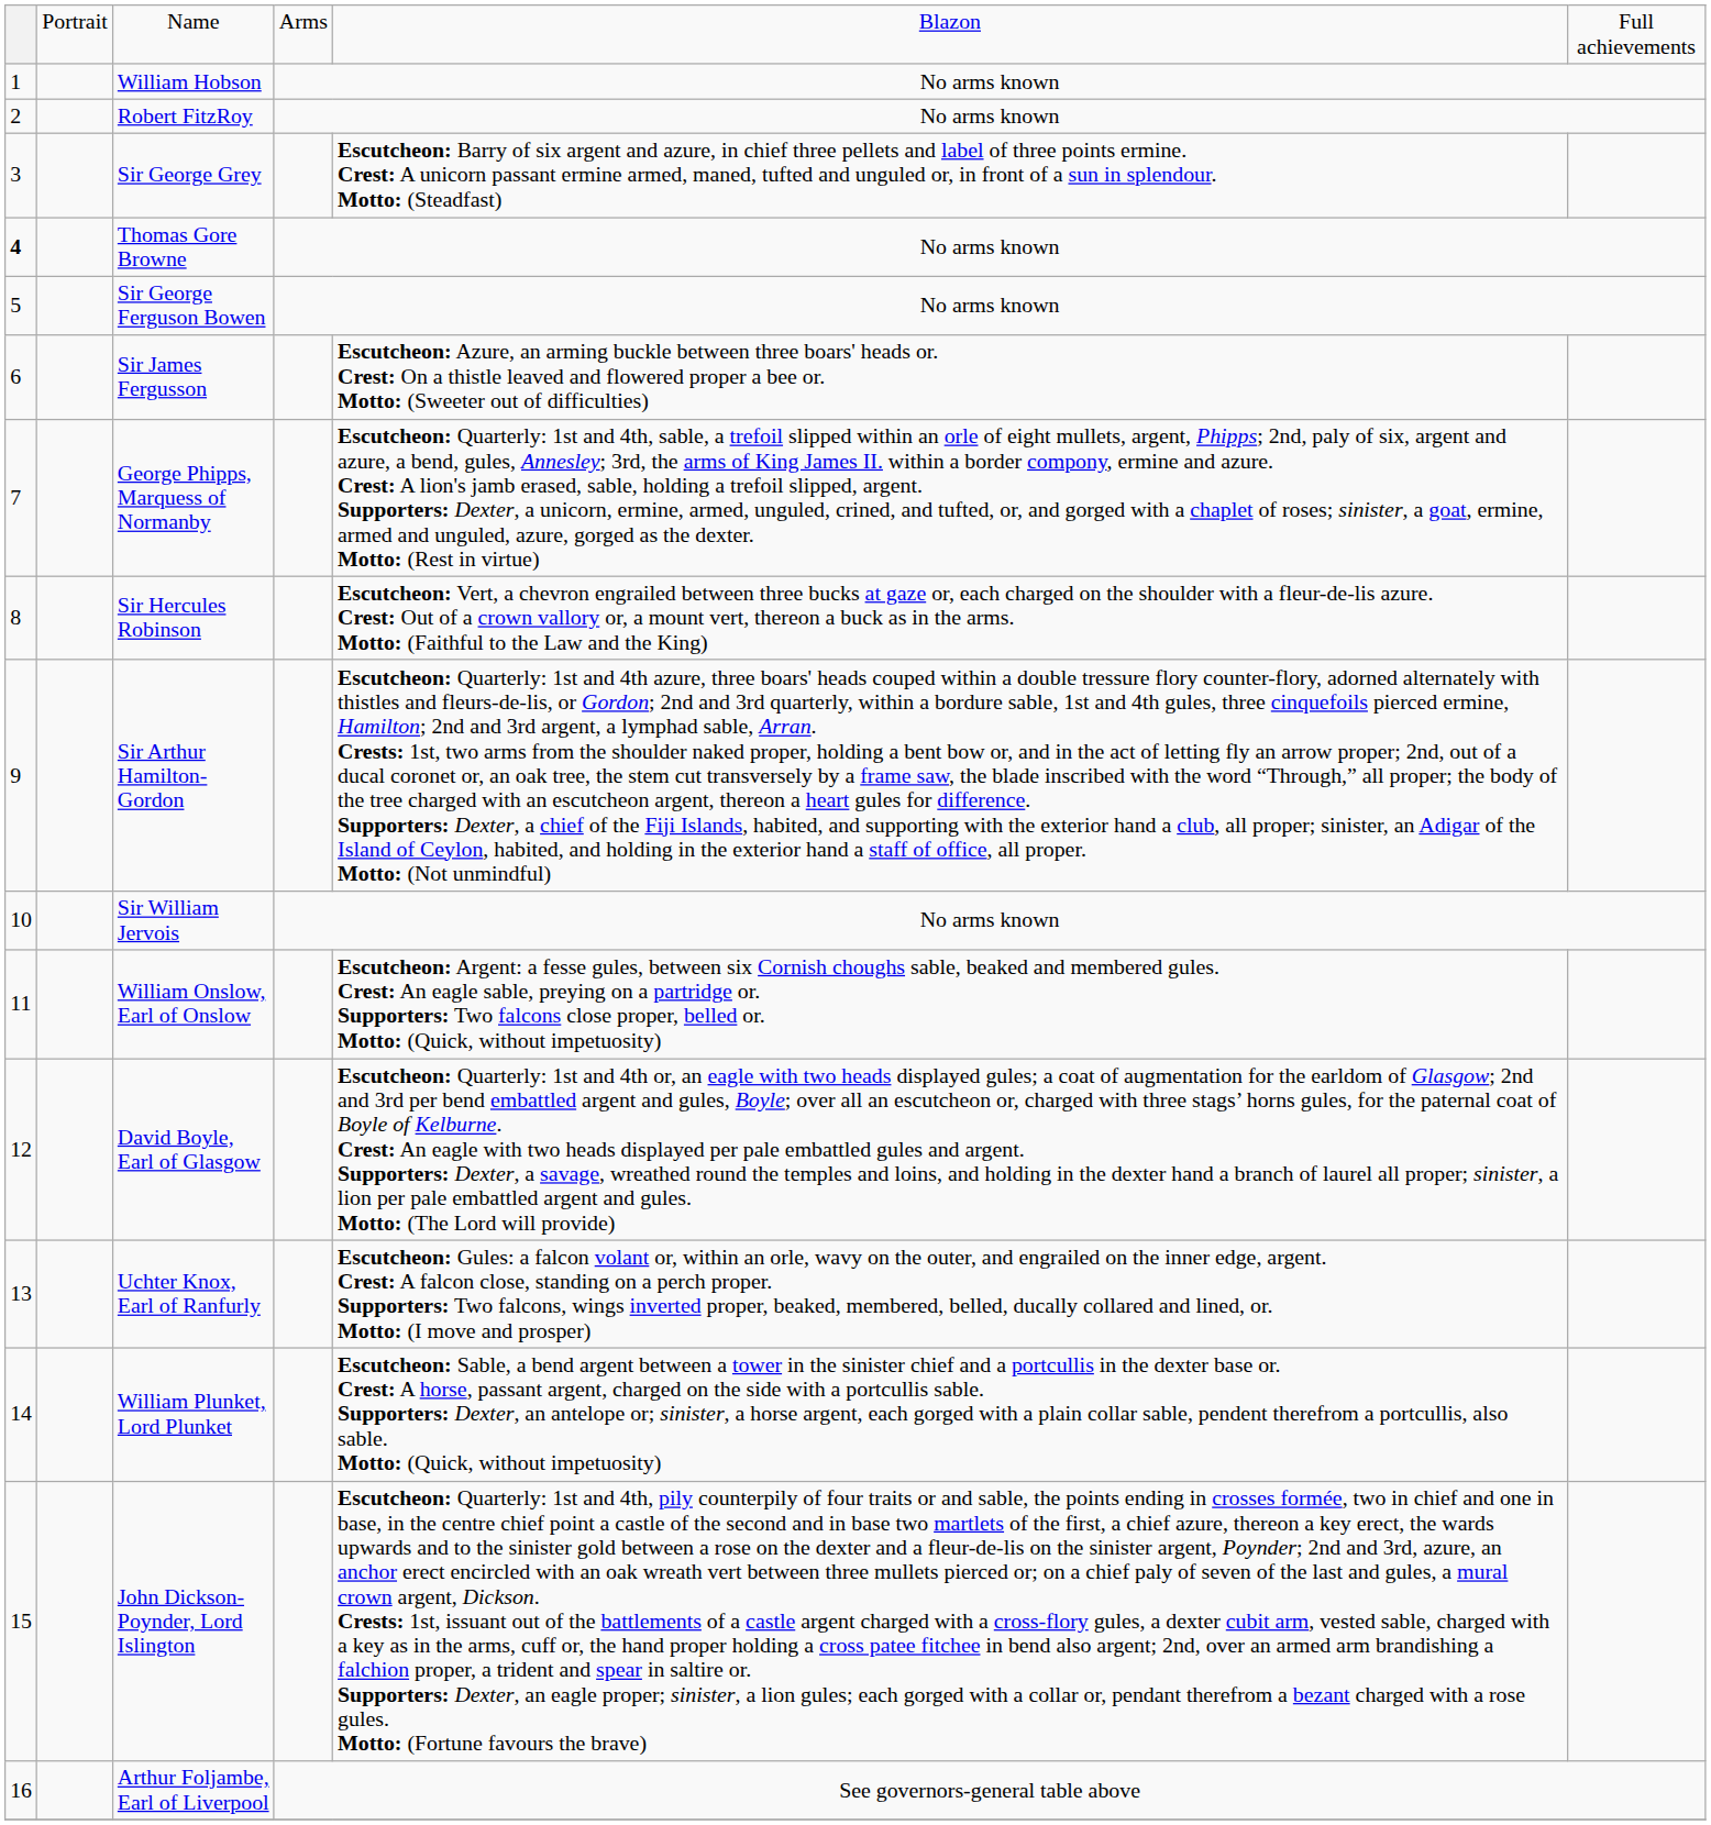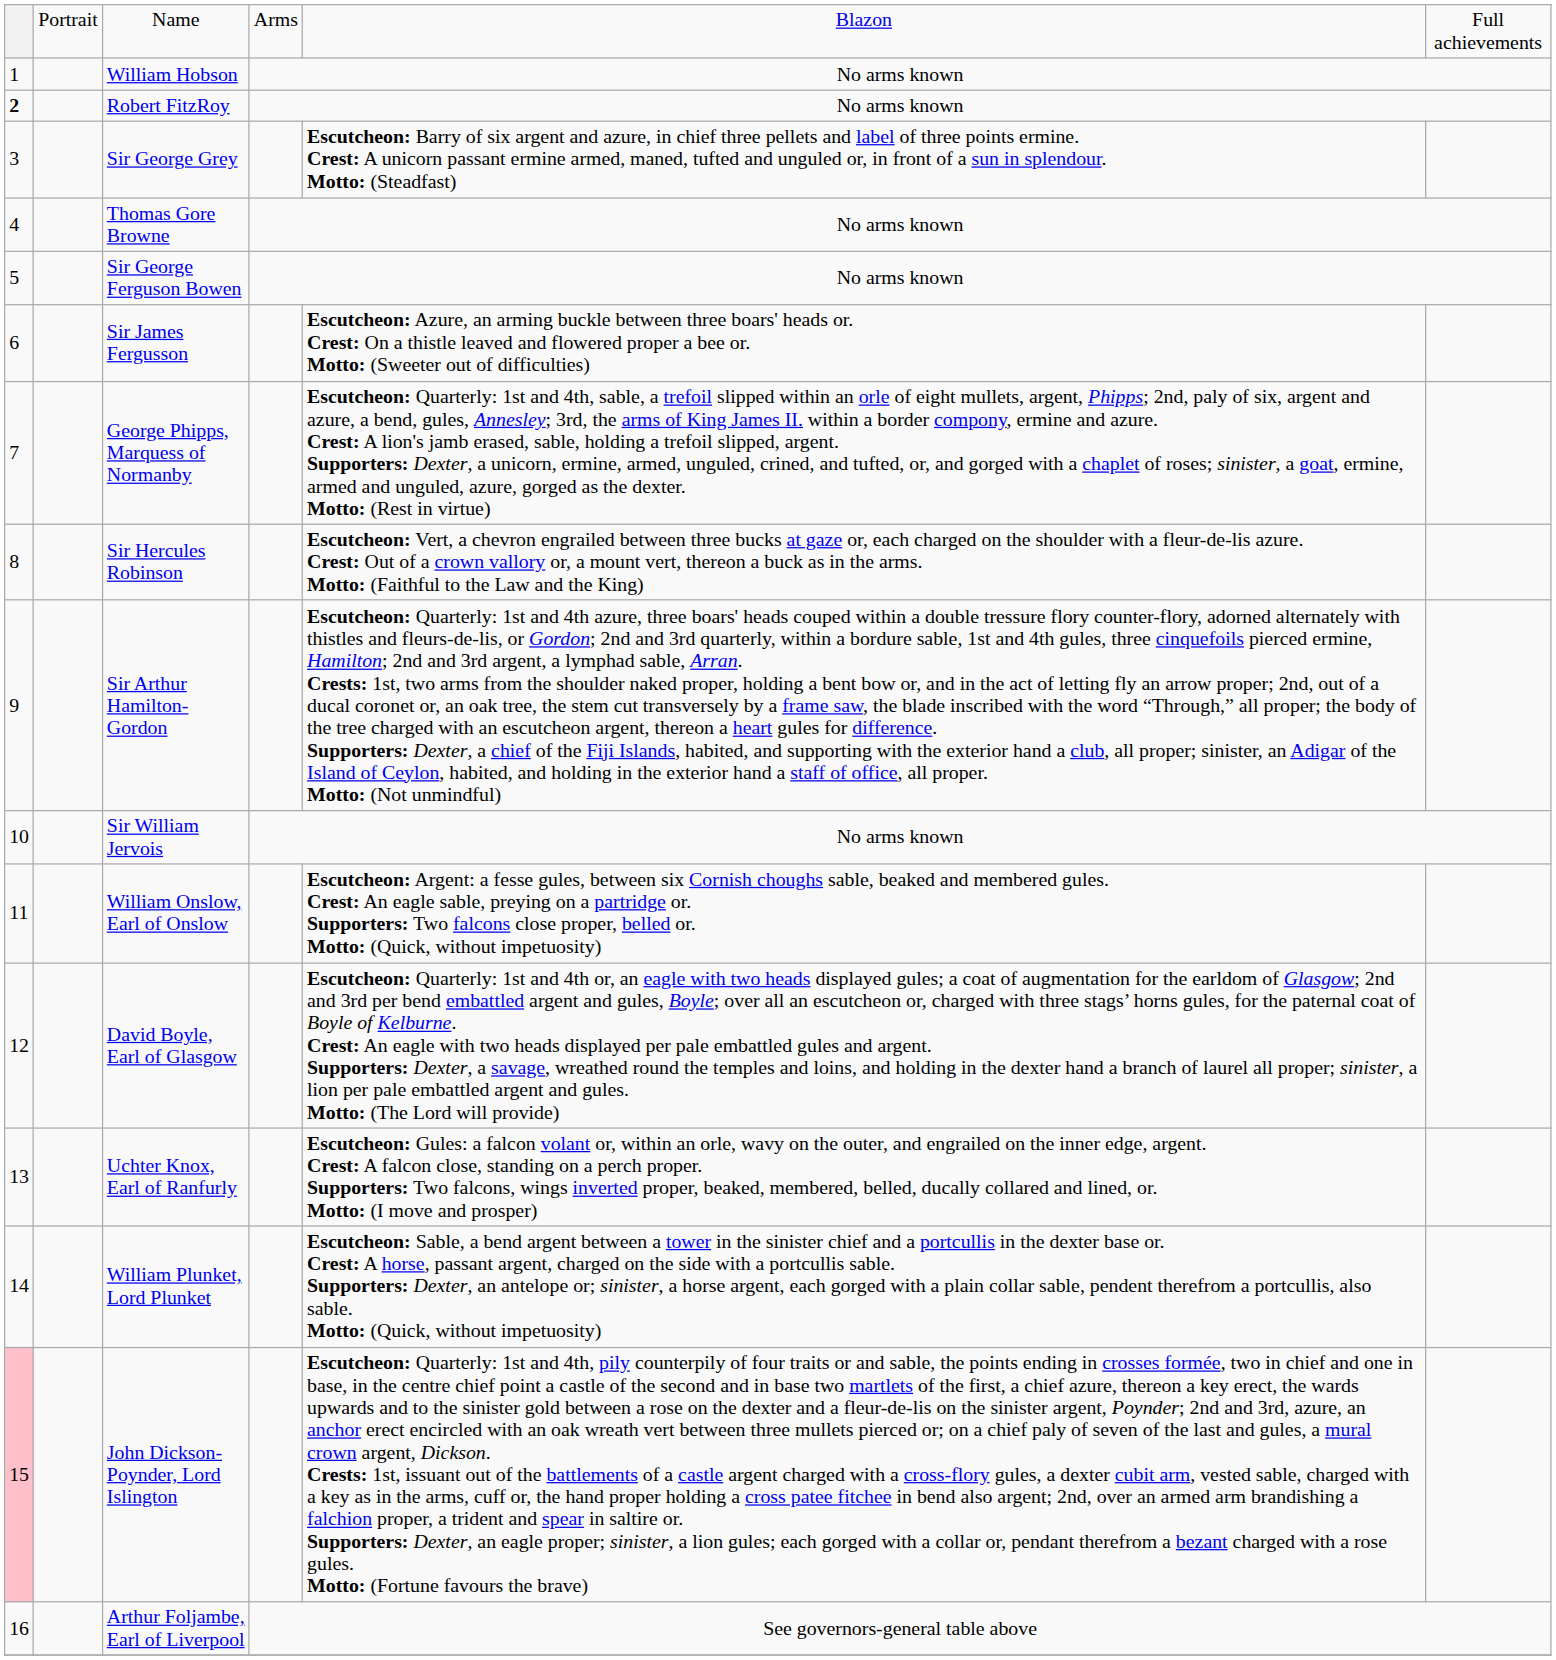 <table class="wikitable">
 <tr style="vertical-align:top; text-align:center;">
 <th></th>
 <td>Portrait</td>
 <td>Name</td>
 <td>Arms</td>
 <td><a href='#'>Blazon</a></td>
 <td>Full achievements</td>
 </tr>
 <tr>
 <td>1</td>
 <td></td>
 <td><a href='#'>William Hobson</a></td>
 <td colspan=3 align=center>No arms known</td>
 </tr>
 <tr>
-<td>2</td>
+<td><strong>2</strong></td>
 <td></td>
 <td><a href='#'>Robert FitzRoy</a></td>
 <td colspan=3 align=center>No arms known</td>
 </tr>
 <tr>
 <td>3</td>
 <td></td>
 <td><a href='#'>Sir George Grey</a></td>
 <td></td>
 <td><strong>Escutcheon:</strong> Barry of six argent and azure, in chief three pellets and <a href='#'>label</a> of three points ermine.<br><strong>Crest:</strong> A unicorn passant ermine armed, maned, tufted and unguled or, in front of a <a href='#'>sun in splendour</a>.<br><strong>Motto:</strong>  (Steadfast)</td>
 <td></td>
 </tr>
 <tr>
-<td><strong>4</strong></td>
+<td>4</td>
 <td></td>
 <td><a href='#'>Thomas Gore Browne</a></td>
 <td colspan=3 align=center>No arms known</td>
 </tr>
 <tr>
 <td>5</td>
 <td></td>
 <td><a href='#'>Sir George Ferguson Bowen</a></td>
 <td colspan=3 align=center>No arms known</td>
 </tr>
 <tr>
 <td>6</td>
 <td></td>
 <td><a href='#'>Sir James Fergusson</a></td>
 <td></td>
 <td><strong>Escutcheon:</strong> Azure, an arming buckle between three boars' heads or.<br><strong>Crest:</strong> On a thistle leaved and flowered proper a bee or.<br><strong>Motto:</strong>  (Sweeter out of difficulties)</td>
 <td></td>
 </tr>
 <tr>
 <td>7</td>
 <td></td>
 <td><a href='#'>George Phipps, Marquess of Normanby</a></td>
 <td></td>
 <td><strong>Escutcheon:</strong> Quarterly: 1st and 4th, sable, a <a href='#'>trefoil</a> slipped within an <a href='#'>orle</a> of eight mullets, argent, <em><a href='#'>Phipps</a></em>; 2nd, paly of six, argent and azure, a bend, gules, <em><a href='#'>Annesley</a></em>; 3rd, the <a href='#'>arms of King James II.</a> within a border <a href='#'>compony</a>, ermine and azure.<br><strong>Crest:</strong> A lion's jamb erased, sable, holding a trefoil slipped, argent.<br><strong>Supporters:</strong> <em>Dexter</em>, a unicorn, ermine, armed, unguled, crined, and tufted, or, and gorged with a <a href='#'>chaplet</a> of roses; <em>sinister</em>, a <a href='#'>goat</a>, ermine, armed and unguled, azure, gorged as the dexter.<br><strong>Motto:</strong>  (Rest in virtue)</td>
 <td></td>
 </tr>
 <tr>
 <td>8</td>
 <td></td>
 <td><a href='#'>Sir Hercules Robinson</a></td>
 <td></td>
 <td><strong>Escutcheon:</strong> Vert, a chevron engrailed between three bucks <a href='#'>at gaze</a> or, each charged on the shoulder with a fleur-de-lis azure.<br><strong>Crest:</strong> Out of a <a href='#'>crown vallory</a> or, a mount vert, thereon a buck as in the arms.<br><strong>Motto:</strong>  (Faithful to the Law and the King)</td>
 <td></td>
 </tr>
 <tr>
 <td>9</td>
 <td></td>
 <td><a href='#'>Sir Arthur Hamilton-Gordon</a></td>
 <td></td>
 <td><strong>Escutcheon:</strong> Quarterly: 1st and 4th azure, three boars' heads couped within a double tressure flory counter-flory, adorned alternately with thistles and fleurs-de-lis, or <em><a href='#'>Gordon</a></em>; 2nd and 3rd quarterly, within a bordure sable, 1st and 4th gules, three <a href='#'>cinquefoils</a> pierced ermine, <em><a href='#'>Hamilton</a></em>; 2nd and 3rd argent, a lymphad sable, <em><a href='#'>Arran</a></em>.<br><strong>Crests:</strong> 1st, two arms from the shoulder naked proper, holding a bent bow or, and in the act of letting fly an arrow proper; 2nd, out of a ducal coronet or, an oak tree, the stem cut transversely by a <a href='#'>frame saw</a>, the blade inscribed  with the word “Through,” all proper; the body of the tree charged with an escutcheon argent, thereon a <a href='#'>heart</a> gules for <a href='#'>difference</a>.<br><strong>Supporters:</strong> <em>Dexter</em>, a <a href='#'>chief</a> of the <a href='#'>Fiji Islands</a>, habited, and supporting with the exterior hand a <a href='#'>club</a>, all proper; sinister, an <a href='#'>Adigar</a> of the <a href='#'>Island of Ceylon</a>, habited, and holding in the exterior hand a <a href='#'>staff of office</a>, all proper.<br><strong>Motto:</strong>  (Not unmindful)</td>
 <td></td>
 </tr>
 <tr>
 <td>10</td>
 <td></td>
 <td><a href='#'>Sir William Jervois</a></td>
 <td colspan=3 align=center>No arms known</td>
 </tr>
 <tr>
 <td>11</td>
 <td></td>
 <td><a href='#'>William Onslow, Earl of Onslow</a></td>
 <td></td>
 <td><strong>Escutcheon:</strong> Argent: a fesse gules, between six <a href='#'>Cornish choughs</a> sable, beaked and membered gules.<br><strong>Crest:</strong> An eagle sable, preying on a <a href='#'>partridge</a> or.<br><strong>Supporters:</strong> Two <a href='#'>falcons</a> close proper, <a href='#'>belled</a> or.<br><strong>Motto:</strong>  (Quick, without impetuosity)</td>
 <td></td>
 </tr>
 <tr>
 <td>12</td>
 <td></td>
 <td><a href='#'>David Boyle, Earl of Glasgow</a></td>
 <td></td>
 <td><strong>Escutcheon:</strong> Quarterly: 1st and 4th or, an <a href='#'>eagle with two heads</a> displayed gules; a coat of augmentation for the earldom of <em><a href='#'>Glasgow</a></em>; 2nd and 3rd per bend <a href='#'>embattled</a> argent and gules, <em><a href='#'>Boyle</a></em>; over all an escutcheon or, charged with three stags’ horns gules, for the paternal coat of <em>Boyle of <a href='#'>Kelburne</a></em>.<br><strong>Crest:</strong> An eagle with two heads displayed per pale embattled gules and argent.<br><strong>Supporters:</strong> <em>Dexter</em>, a <a href='#'>savage</a>, wreathed round the temples and loins, and holding in the dexter hand a branch of laurel all proper; <em>sinister</em>, a lion per pale embattled argent and gules.<br><strong>Motto:</strong>  (The Lord will provide)</td>
 <td></td>
 </tr>
 <tr>
 <td>13</td>
 <td></td>
 <td><a href='#'>Uchter Knox, Earl of Ranfurly</a></td>
 <td></td>
 <td><strong>Escutcheon:</strong> Gules: a falcon <a href='#'>volant</a> or, within an orle, wavy on the outer, and engrailed on the inner edge, argent.<br><strong>Crest:</strong> A falcon close, standing on a perch proper.<br><strong>Supporters:</strong> Two falcons, wings <a href='#'>inverted</a> proper, beaked, membered, belled, ducally collared and lined, or.<br><strong>Motto:</strong>  (I move and prosper)</td>
 <td></td>
 </tr>
 <tr>
 <td>14</td>
 <td></td>
 <td><a href='#'>William Plunket, Lord Plunket</a></td>
 <td></td>
 <td><strong>Escutcheon:</strong> Sable, a bend argent between a <a href='#'>tower</a> in the sinister chief and a <a href='#'>portcullis</a> in the dexter base or.<br><strong>Crest:</strong> A <a href='#'>horse</a>, passant argent, charged on the side with a portcullis sable.<br><strong>Supporters:</strong> <em>Dexter</em>, an antelope or; <em>sinister</em>, a horse argent, each gorged with a plain collar sable, pendent therefrom a portcullis, also sable.<br><strong>Motto:</strong>  (Quick, without impetuosity)</td>
 <td></td>
 </tr>
 <tr>
-<td>15</td>
+<td style="background: pink;">15</td>
 <td></td>
 <td><a href='#'>John Dickson-Poynder, Lord Islington</a></td>
 <td></td>
 <td><strong>Escutcheon:</strong> Quarterly: 1st and 4th, <a href='#'>pily</a> counterpily of four traits or and sable, the points ending in <a href='#'>crosses formée</a>, two in chief and one in base, in the centre chief point a castle of the second and in base two <a href='#'>martlets</a> of the first, a chief azure, thereon a key erect, the wards upwards and to the sinister gold between a rose on the dexter and a fleur-de-lis on the sinister argent, <em>Poynder</em>; 2nd and 3rd, azure, an <a href='#'>anchor</a> erect encircled with an oak wreath vert between three mullets pierced or; on a chief paly of seven of the last and gules, a <a href='#'>mural crown</a> argent, <em>Dickson</em>.<br><strong>Crests:</strong> 1st, issuant out of the <a href='#'>battlements</a> of a <a href='#'>castle</a> argent charged with a <a href='#'>cross-flory</a> gules, a dexter <a href='#'>cubit arm</a>, vested sable, charged with a key as in the arms, cuff or, the hand proper holding a <a href='#'>cross patee fitchee</a> in bend also  argent; 2nd, over an armed arm brandishing a <a href='#'>falchion</a> proper, a trident and <a href='#'>spear</a> in saltire or.<br><strong>Supporters:</strong> <em>Dexter</em>, an eagle proper; <em>sinister</em>, a lion gules; each gorged with a collar or, pendant therefrom a <a href='#'>bezant</a> charged with a rose gules.<br><strong>Motto:</strong>  (Fortune favours the brave)</td>
 <td></td>
 </tr>
 <tr>
 <td>16</td>
 <td></td>
 <td><a href='#'>Arthur Foljambe, Earl of Liverpool</a></td>
 <td colspan=3 align=center>See governors-general table above</td>
 </tr>
 <tr>
 </tr>
 </table>
